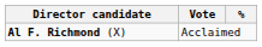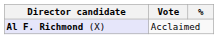 <table class="wikitable">
 <tr>
 <th width="200px">Director candidate</th>
 <th width="50px">Vote</th>
 <th width="30px">%</th>
 </tr>
 <tr>
-<td><strong>Al F. Richmond</strong> (X) </td>
+<td style="background: lavender;"><strong>Al F. Richmond</strong> (X) </td>
 <td colspan="2">Acclaimed</td>
 </tr>
 </table>
